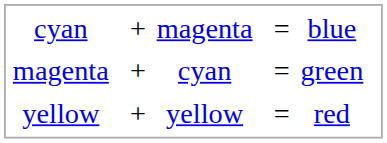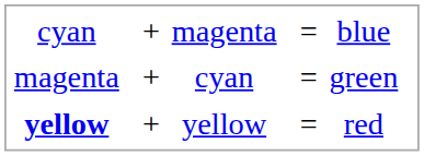 <table style="background-color:white; border:1px #aaa solid" cellpadding="2px">
 <tr>
 <td align="center"><a href='#'>cyan</a></td>
 <td></td>
 <td>+</td>
 <td align="center"><a href='#'>magenta</a></td>
 <td></td>
 <td>=</td>
 <td align="center"><a href='#'>blue</a></td>
 <td></td>
 </tr>
 <tr>
 <td align="center"><a href='#'>magenta</a></td>
 <td></td>
 <td>+</td>
 <td align="center"><a href='#'>cyan</a></td>
 <td></td>
 <td>=</td>
 <td align="center"><a href='#'>green</a></td>
 <td></td>
 </tr>
 <tr>
-<td align="center"><a href='#'>yellow</a></td>
+<td align="center"><strong><a href='#'>yellow</a></strong></td>
 <td></td>
 <td>+</td>
 <td align="center"><a href='#'>yellow</a></td>
 <td></td>
 <td>=</td>
 <td align="center"><a href='#'>red</a></td>
 <td></td>
 </tr>
 </table>
